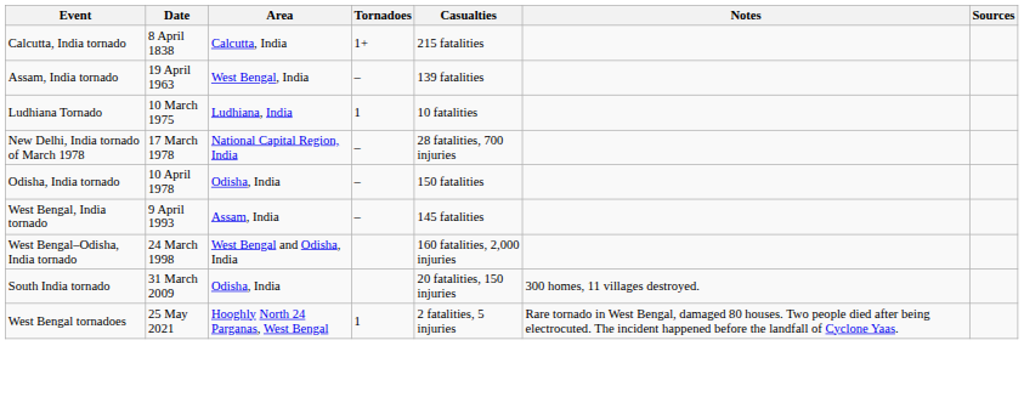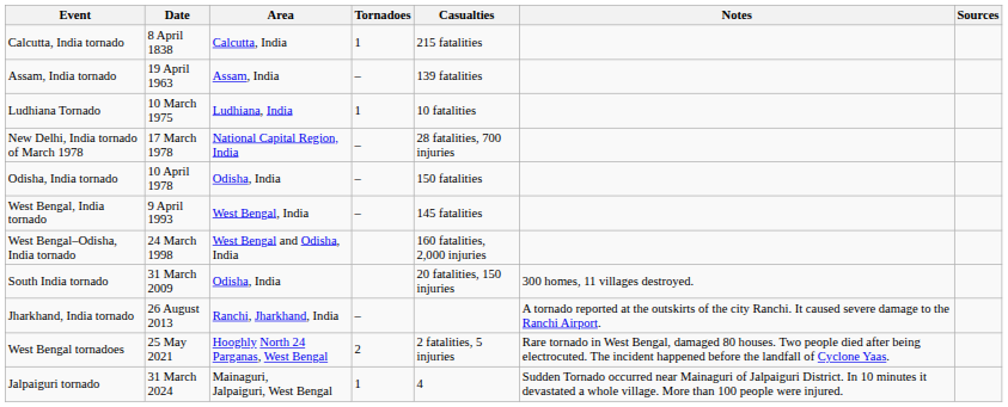 <table class="wikitable collapsible sortable" style="width:100%;">
 <tr>
 <th scope="col" class="unsortable">Event</th>
 <th>Date</th>
 <th>Area</th>
 <th>Tornadoes</th>
 <th>Casualties</th>
 <th scope="col" class="unsortable">Notes</th>
 <th scope="col" class="unsortable">Sources</th>
 </tr>
 <tr>
 <td>Calcutta, India tornado</td>
 <td>8 April 1838</td>
 <td><a href='#'>Calcutta</a>, India</td>
-<td>1+</td>
+<td>1</td>
 <td>215 fatalities</td>
 <td></td>
 <td></td>
 </tr>
 <tr>
 <td>Assam, India tornado</td>
 <td>19 April 1963</td>
-<td><a href='#'>West Bengal</a>, India</td>
+<td><a href='#'>Assam</a>, India</td>
 <td>–</td>
 <td>139 fatalities</td>
 <td></td>
 <td></td>
 </tr>
 <tr>
 <td>Ludhiana Tornado</td>
 <td>10 March 1975</td>
 <td><a href='#'>Ludhiana</a>, <a href='#'>India</a></td>
 <td>1</td>
 <td>10 fatalities</td>
 <td></td>
 <td></td>
 </tr>
 <tr>
 <td>New Delhi, India tornado of March 1978</td>
 <td>17 March 1978</td>
 <td><a href='#'>National Capital Region, India</a></td>
 <td>–</td>
 <td>28 fatalities, 700 injuries</td>
 <td></td>
 <td></td>
 </tr>
 <tr>
 <td>Odisha, India tornado</td>
 <td>10 April 1978</td>
 <td><a href='#'>Odisha</a>, India</td>
 <td>–</td>
 <td>150 fatalities</td>
 <td></td>
 <td></td>
 </tr>
 <tr>
 <td>West Bengal, India tornado</td>
 <td>9 April 1993</td>
-<td><a href='#'>Assam</a>, India</td>
+<td><a href='#'>West Bengal</a>, India</td>
 <td>–</td>
 <td>145 fatalities</td>
 <td></td>
 <td></td>
 </tr>
 <tr>
 <td>West Bengal–Odisha, India tornado</td>
 <td>24 March 1998</td>
 <td><a href='#'>West Bengal</a> and <a href='#'>Odisha</a>, India</td>
 <td></td>
 <td>160 fatalities, 2,000 injuries</td>
 <td></td>
 <td></td>
 </tr>
 <tr>
 <td>South India tornado</td>
 <td>31 March 2009</td>
 <td><a href='#'>Odisha</a>, India</td>
 <td></td>
 <td>20 fatalities, 150 injuries</td>
 <td>300 homes, 11 villages destroyed.</td>
 <td></td>
 </tr>
 <tr>
+<td>Jharkhand, India tornado</td>
+<td>26 August 2013</td>
+<td><a href='#'>Ranchi</a>, <a href='#'>Jharkhand</a>, India</td>
+<td>–</td>
+<td></td>
+<td>A tornado reported at the outskirts of the city Ranchi. It caused severe damage to the <a href='#'>Ranchi Airport</a>.</td>
+<td></td>
+</tr>
+<tr>
 <td>West Bengal tornadoes</td>
 <td>25 May 2021</td>
 <td><a href='#'>Hooghly</a>  <a href='#'>North 24 Parganas</a>, <a href='#'>West Bengal</a></td>
-<td>1</td>
+<td>2</td>
 <td>2 fatalities, 5 injuries</td>
 <td>Rare tornado in West Bengal, damaged 80 houses. Two people died after being electrocuted. The incident happened before the landfall of <a href='#'>Cyclone Yaas</a>.</td>
 <td></td>
 </tr>
+<tr>
+<td>Jalpaiguri tornado</td>
+<td>31 March 2024</td>
+<td>Mainaguri,<br>Jalpaiguri, West Bengal</td>
+<td>1</td>
+<td>4</td>
+<td>Sudden Tornado occurred near Mainaguri of Jalpaiguri District. In 10 minutes it devastated a whole village. More than 100 people were injured.</td>
+<td></td>
+</tr>
 </table>
